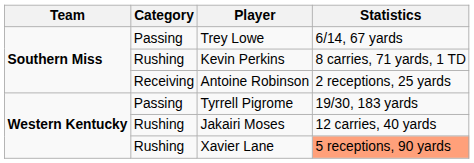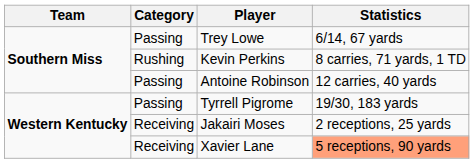 <table class="wikitable" style="float: left;">
 <tr>
 <th>Team</th>
 <th>Category</th>
 <th>Player</th>
 <th>Statistics</th>
 </tr>
 <tr>
 <td rowspan=3><strong>Southern Miss</strong></td>
 <td>Passing</td>
 <td>Trey Lowe</td>
 <td>6/14, 67 yards</td>
 </tr>
 <tr>
 <td>Rushing</td>
 <td>Kevin Perkins</td>
 <td>8 carries, 71 yards, 1 TD</td>
 </tr>
 <tr>
-<td>Receiving</td>
+<td>Passing</td>
 <td>Antoine Robinson</td>
-<td>2 receptions, 25 yards</td>
+<td>12 carries, 40 yards</td>
 </tr>
 <tr>
 <td rowspan=3><strong>Western Kentucky</strong></td>
 <td>Passing</td>
 <td>Tyrrell Pigrome</td>
 <td>19/30, 183 yards</td>
 </tr>
 <tr>
-<td>Rushing</td>
+<td>Receiving</td>
 <td>Jakairi Moses</td>
-<td>12 carries, 40 yards</td>
+<td>2 receptions, 25 yards</td>
 </tr>
 <tr>
-<td>Rushing</td>
+<td>Receiving</td>
 <td>Xavier Lane</td>
 <td style="background: lightsalmon;">5 receptions, 90 yards</td>
 </tr>
 </table>
